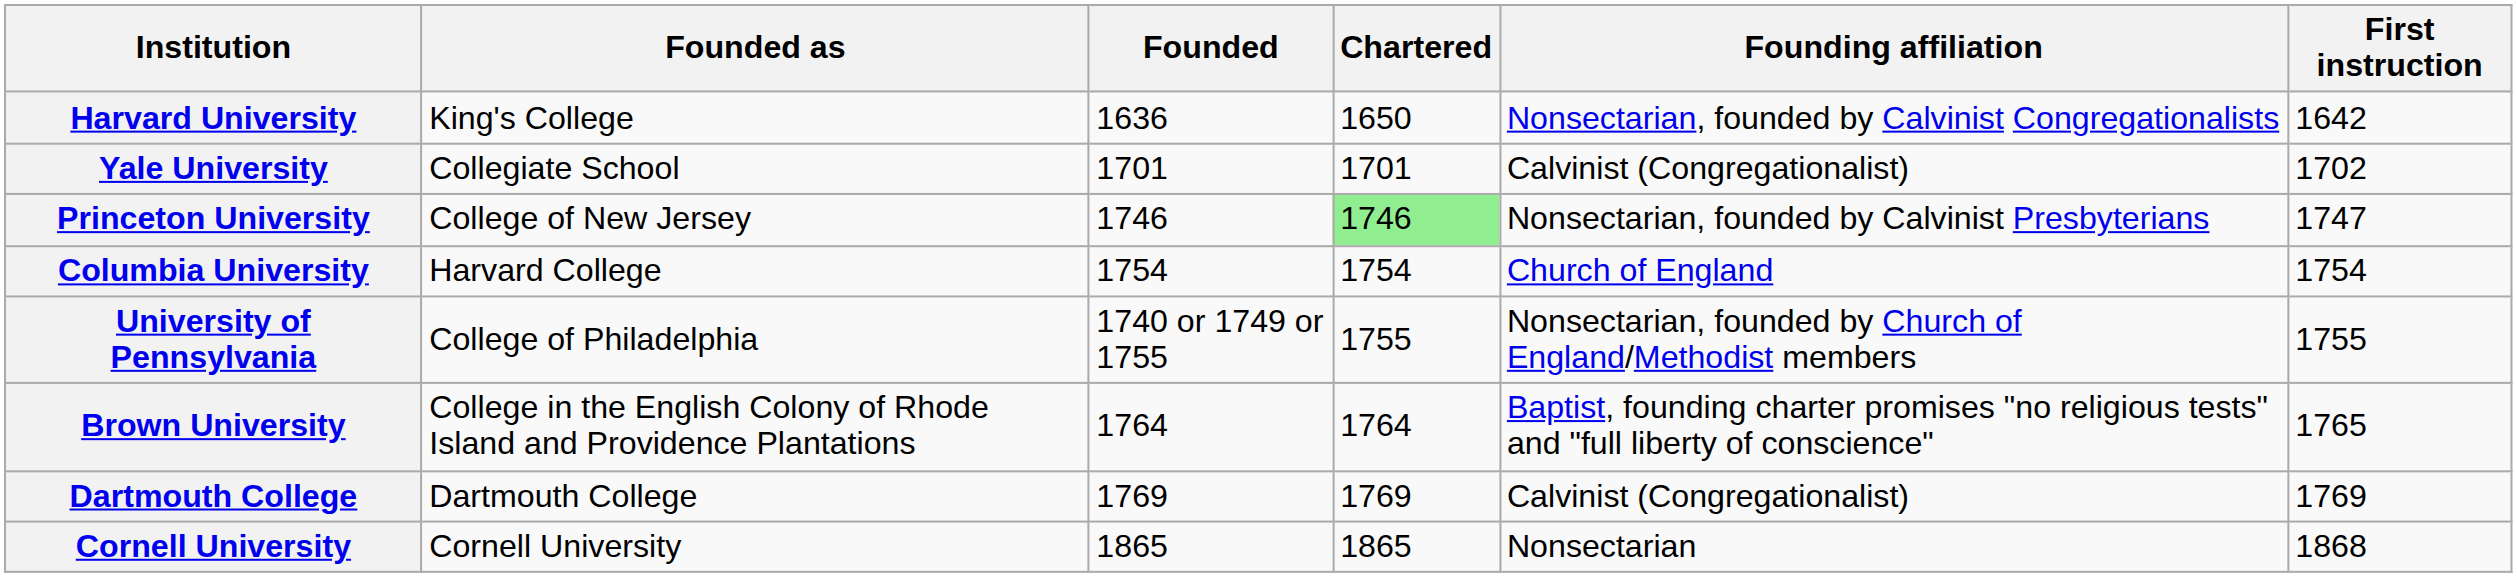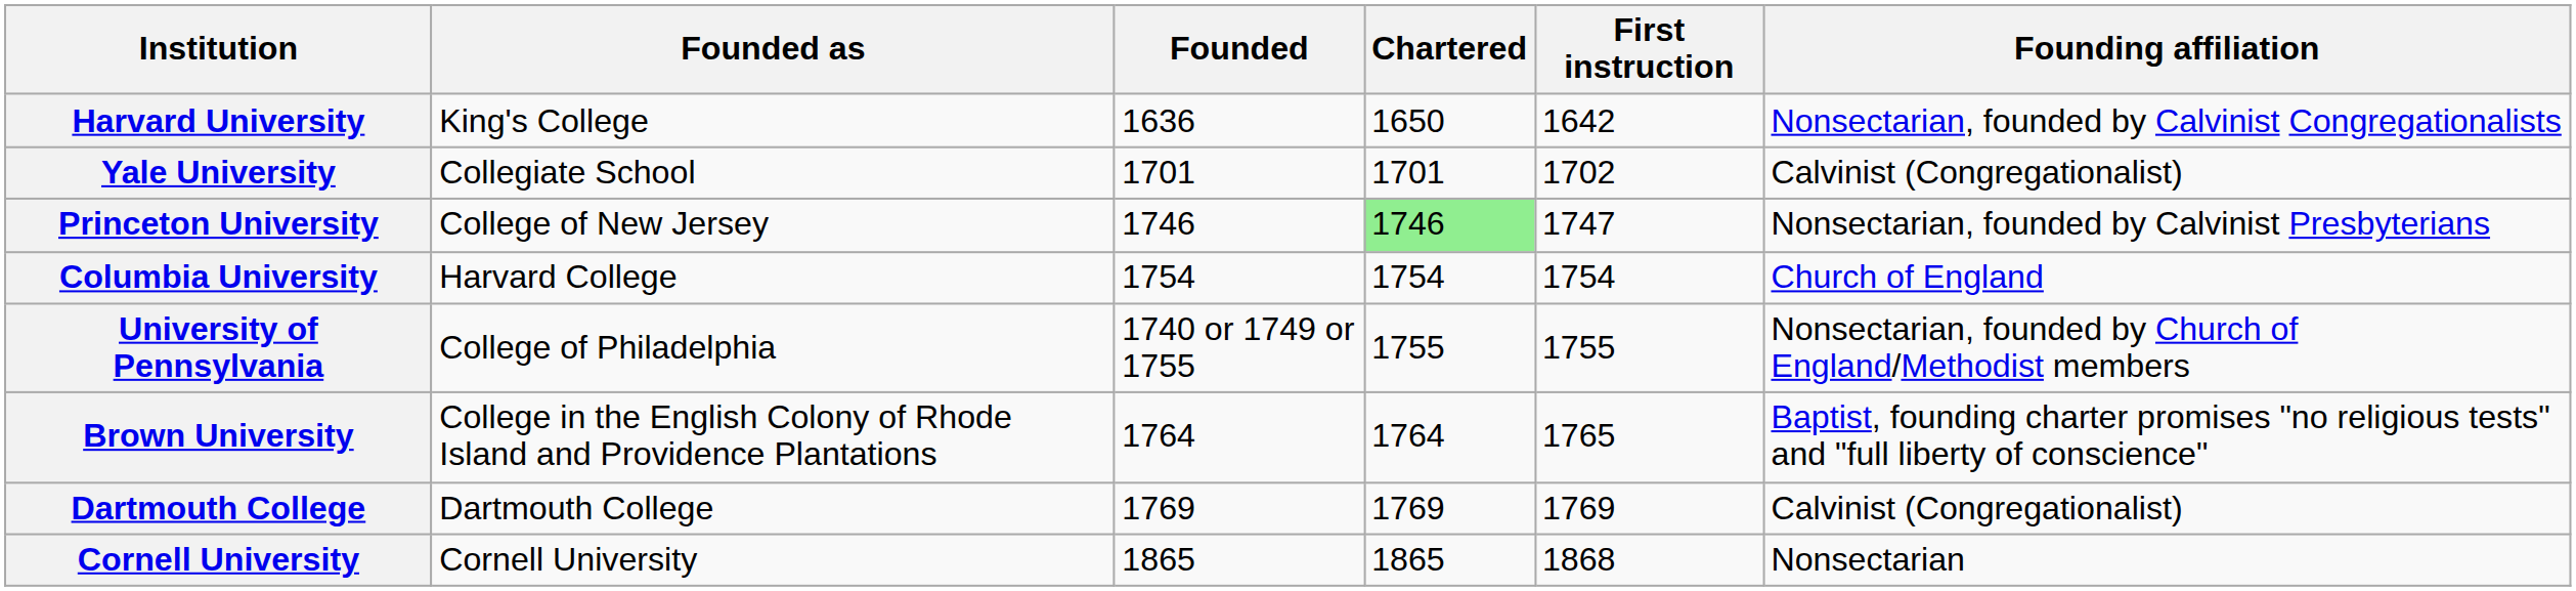 <table class="wikitable">
 <tr>
 <th width=200px>Institution</th>
 <th width=px>Founded as</th>
 <th width=px>Founded</th>
 <th width=px>Chartered</th>
+<th width=px>First instruction</th>
 <th width=px>Founding affiliation</th>
-<th width=px>First instruction</th>
 </tr>
 <tr>
 <th scope="row"><a href='#'>Harvard University</a></th>
 <td>King's College</td>
 <td>1636</td>
 <td>1650</td>
+<td>1642</td>
 <td><a href='#'>Nonsectarian</a>, founded by <a href='#'>Calvinist</a> <a href='#'>Congregationalists</a></td>
-<td>1642</td>
 </tr>
 <tr>
 <th scope="row"><a href='#'>Yale University</a></th>
 <td>Collegiate School</td>
 <td>1701</td>
 <td>1701</td>
+<td>1702</td>
 <td>Calvinist (Congregationalist)</td>
-<td>1702</td>
 </tr>
 <tr>
 <th scope="row"><a href='#'>Princeton University</a></th>
 <td>College of New Jersey</td>
 <td>1746</td>
 <td style="background: lightgreen;">1746</td>
+<td>1747</td>
 <td>Nonsectarian, founded by Calvinist <a href='#'>Presbyterians</a></td>
-<td>1747</td>
 </tr>
 <tr>
 <th scope="row"><a href='#'>Columbia University</a></th>
 <td>Harvard College</td>
 <td>1754</td>
 <td>1754</td>
+<td>1754</td>
 <td><a href='#'>Church of England</a></td>
-<td>1754</td>
 </tr>
 <tr>
 <th scope="row"><a href='#'>University of Pennsylvania</a></th>
 <td>College of Philadelphia</td>
 <td>1740 or 1749 or 1755</td>
 <td>1755</td>
+<td>1755</td>
 <td>Nonsectarian, founded by <a href='#'>Church of England</a>/<a href='#'>Methodist</a> members</td>
-<td>1755</td>
 </tr>
 <tr>
 <th scope="row"><a href='#'>Brown University</a></th>
 <td>College in the English Colony of Rhode Island and Providence Plantations</td>
 <td>1764</td>
 <td>1764</td>
+<td>1765</td>
 <td><a href='#'>Baptist</a>, founding charter promises "no religious tests" and "full liberty of conscience"</td>
-<td>1765</td>
 </tr>
 <tr>
 <th scope="row"><a href='#'>Dartmouth College</a></th>
 <td>Dartmouth College</td>
 <td>1769</td>
 <td>1769</td>
+<td>1769</td>
 <td>Calvinist (Congregationalist)</td>
-<td>1769</td>
 </tr>
 <tr>
 <th scope="row"><a href='#'>Cornell University</a></th>
 <td>Cornell University</td>
 <td>1865</td>
 <td>1865</td>
+<td>1868</td>
 <td>Nonsectarian</td>
-<td>1868</td>
 </tr>
 </table>
